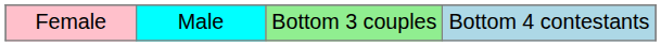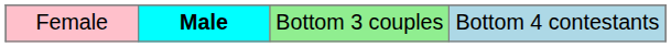 <table border="2" cellpadding="4" style="background:gray; border:1px solid gray; border-collapse:collapse; margin:1em auto; text-align:center;">
 <tr>
 </tr>
 <tr>
 <td style="background:pink;" width="20%">Female</td>
-<td style="background:cyan;" width="20%">Male</td>
+<td style="background:cyan;" width="20%"><strong>Male</strong></td>
 <td style="background:lightgreen;">Bottom 3 couples</td>
 <td style="background:lightblue;">Bottom 4 contestants</td>
 </tr>
 </table>
